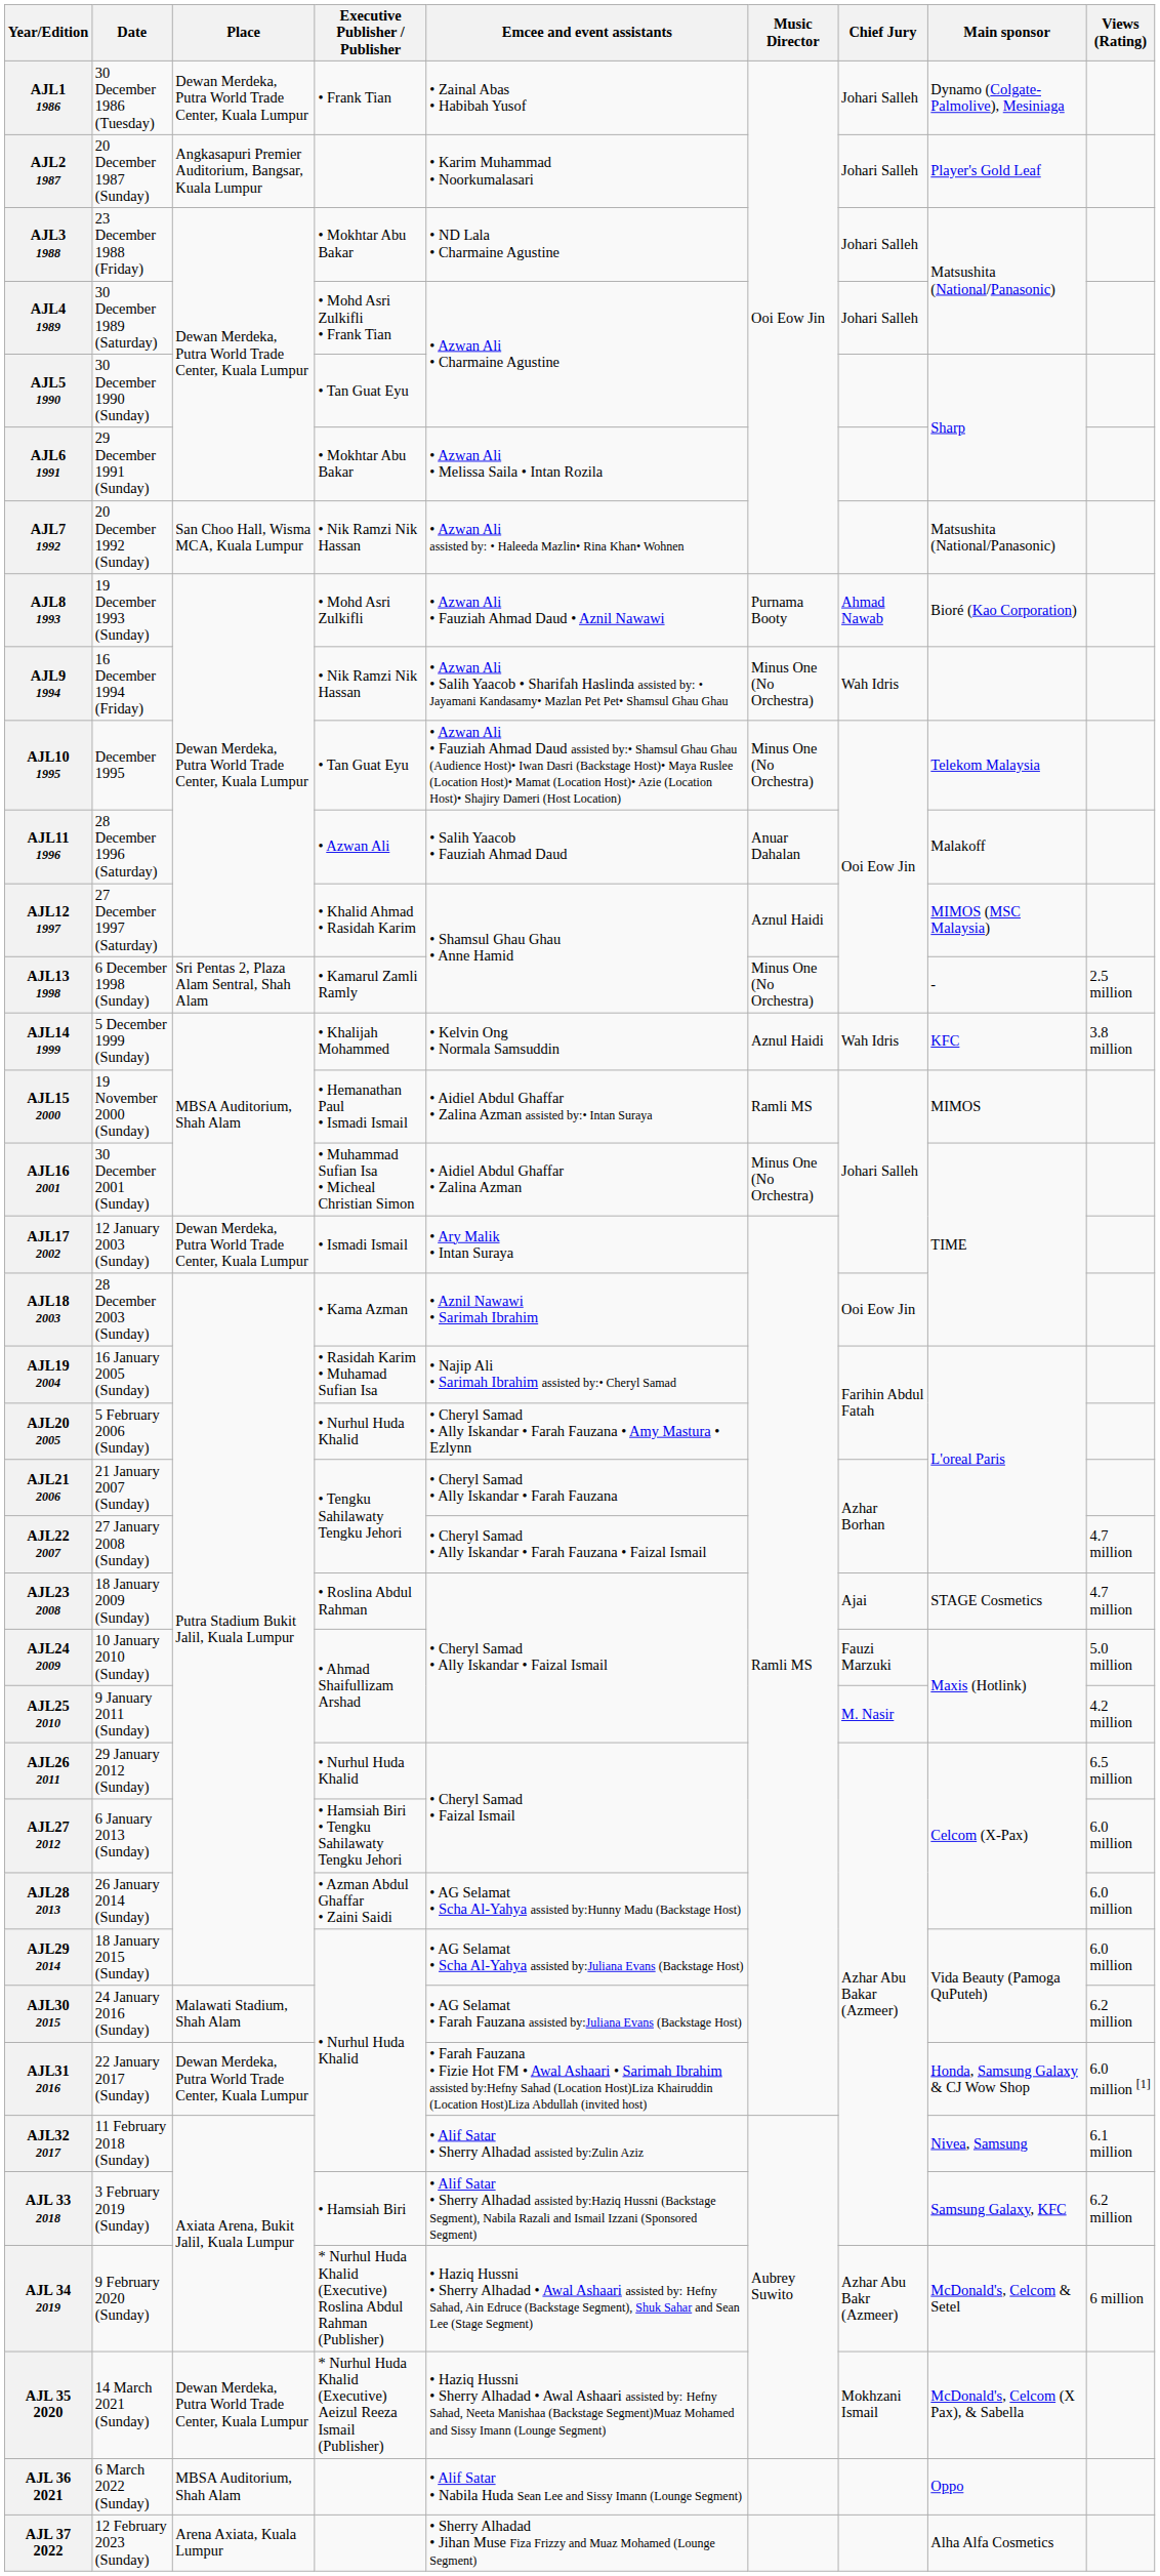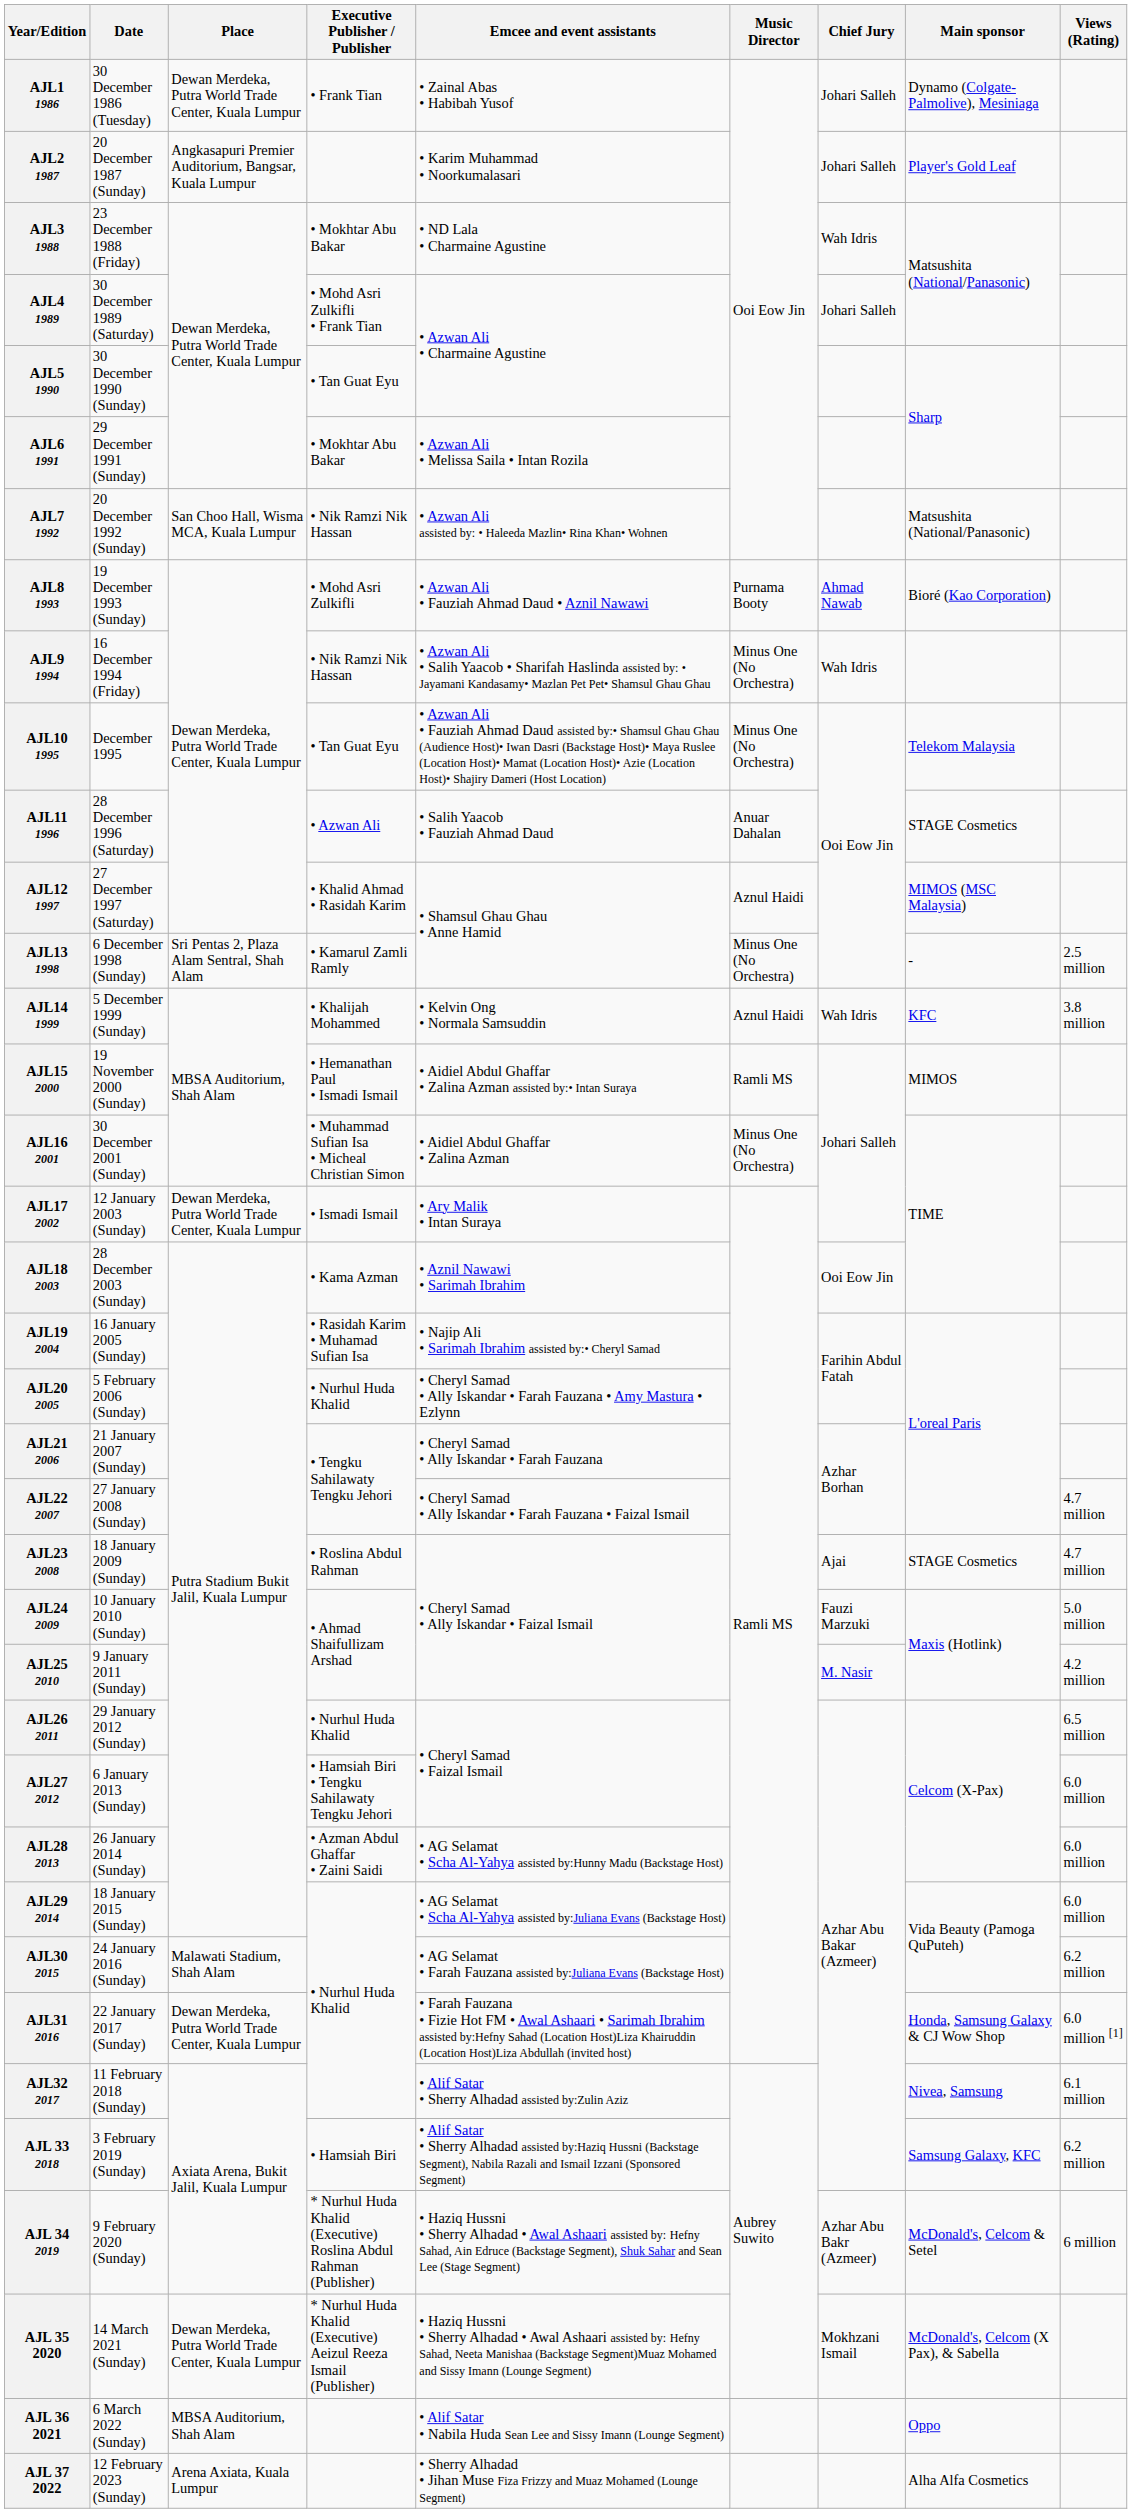 <table class="wikitable">
 <tr>
 <th>Year/Edition</th>
 <th>Date</th>
 <th>Place</th>
 <th>Executive Publisher / Publisher</th>
 <th>Emcee and event assistants</th>
 <th>Music Director</th>
 <th>Chief Jury</th>
 <th>Main sponsor</th>
 <th>Views (Rating)</th>
 </tr>
 <tr>
 <th>AJL1<br><small><em>1986</em></small></th>
 <td>30 December 1986<br>(Tuesday)</td>
 <td>Dewan Merdeka, Putra World Trade Center, Kuala Lumpur</td>
 <td>• Frank Tian</td>
 <td>• Zainal Abas<br>• Habibah Yusof</td>
 <td rowspan="7">Ooi Eow Jin</td>
 <td>Johari Salleh</td>
 <td>Dynamo (<a href='#'>Colgate-Palmolive</a>), <a href='#'>Mesiniaga</a></td>
 <td></td>
 </tr>
 <tr>
 <th>AJL2<br><small><em>1987</em></small></th>
 <td>20 December 1987<br>(Sunday)</td>
 <td>Angkasapuri Premier Auditorium, Bangsar, Kuala Lumpur</td>
 <td></td>
 <td>• Karim Muhammad<br>• Noorkumalasari</td>
 <td>Johari Salleh</td>
 <td><a href='#'>Player's Gold Leaf</a></td>
 <td></td>
 </tr>
 <tr>
 <th>AJL3<br><small><em>1988</em></small></th>
 <td>23 December 1988<br>(Friday)</td>
 <td rowspan="4">Dewan Merdeka, Putra World Trade Center, Kuala Lumpur</td>
 <td>• Mokhtar Abu Bakar</td>
 <td>• ND Lala<br>• Charmaine Agustine</td>
-<td>Johari Salleh</td>
+<td>Wah Idris</td>
 <td rowspan="2">Matsushita (<a href='#'>National</a>/<a href='#'>Panasonic</a>)</td>
 <td></td>
 </tr>
 <tr>
 <th>AJL4<br><small><em>1989</em></small></th>
 <td>30 December 1989<br>(Saturday)</td>
 <td>• Mohd Asri Zulkifli<br>• Frank Tian</td>
 <td rowspan="2">• <a href='#'>Azwan Ali</a><br>• Charmaine Agustine</td>
 <td>Johari Salleh</td>
 <td></td>
 </tr>
 <tr>
 <th>AJL5<br><small><em>1990</em></small></th>
 <td>30 December 1990<br>(Sunday)</td>
 <td>• Tan Guat Eyu</td>
 <td></td>
 <td rowspan="2"><a href='#'>Sharp</a></td>
 <td></td>
 </tr>
 <tr>
 <th>AJL6<br><small><em>1991</em></small></th>
 <td>29 December 1991<br>(Sunday)</td>
 <td>• Mokhtar Abu Bakar</td>
 <td>• <a href='#'>Azwan Ali</a><br>• Melissa Saila • Intan Rozila</td>
 <td></td>
 <td></td>
 </tr>
 <tr>
 <th>AJL7<br><small><em>1992</em></small></th>
 <td>20 December 1992<br>(Sunday)</td>
 <td>San Choo Hall, Wisma MCA, Kuala Lumpur</td>
 <td>• Nik Ramzi Nik Hassan</td>
 <td>• <a href='#'>Azwan Ali</a><br><small>assisted by:</small> <small>• Haleeda Mazlin</small><small>• Rina Khan</small><small>• Wohnen</small></td>
 <td></td>
 <td>Matsushita (National/Panasonic)</td>
 <td></td>
 </tr>
 <tr>
 <th>AJL8<br><small><em>1993</em></small></th>
 <td>19 December 1993<br>(Sunday)</td>
 <td rowspan="5">Dewan Merdeka, Putra World Trade Center, Kuala Lumpur</td>
 <td>• Mohd Asri Zulkifli</td>
 <td>• <a href='#'>Azwan Ali</a><br>• Fauziah Ahmad Daud • <a href='#'>Aznil Nawawi</a></td>
 <td>Purnama Booty</td>
 <td><a href='#'>Ahmad Nawab</a></td>
 <td>Bioré (<a href='#'>Kao Corporation</a>)</td>
 <td></td>
 </tr>
 <tr>
 <th>AJL9<br><small><em>1994</em></small></th>
 <td>16 December 1994<br>(Friday)</td>
 <td>• Nik Ramzi Nik Hassan</td>
 <td>• <a href='#'>Azwan Ali</a><br>• Salih Yaacob • Sharifah Haslinda <small>assisted by:</small> <small>• Jayamani Kandasamy</small><small>• Mazlan Pet Pet</small><small>• Shamsul Ghau Ghau</small></td>
 <td>Minus One (No Orchestra)</td>
 <td>Wah Idris</td>
 <td></td>
 <td></td>
 </tr>
 <tr>
 <th>AJL10<br><small><em>1995</em></small></th>
 <td>December 1995</td>
 <td>• Tan Guat Eyu</td>
 <td>• <a href='#'>Azwan Ali</a><br>• Fauziah Ahmad Daud <small>assisted by:</small><small>• Shamsul Ghau Ghau (Audience Host)</small><small>• Iwan Dasri (Backstage Host)</small><small>• Maya Ruslee (Location Host)</small><small>• Mamat (Location Host)</small><small>• Azie (Location Host)</small><small>• Shajiry Dameri (Host Location)</small></td>
 <td>Minus One (No Orchestra)</td>
 <td rowspan="4">Ooi Eow Jin</td>
 <td><a href='#'>Telekom Malaysia</a></td>
 <td></td>
 </tr>
 <tr>
 <th>AJL11<br><small><em>1996</em></small></th>
 <td>28 December 1996<br>(Saturday)</td>
 <td>• <a href='#'>Azwan Ali</a></td>
 <td>• Salih Yaacob<br>• Fauziah Ahmad Daud</td>
 <td>Anuar Dahalan</td>
-<td>Malakoff</td>
+<td>STAGE Cosmetics</td>
 <td></td>
 </tr>
 <tr>
 <th>AJL12<br><small><em>1997</em></small></th>
 <td>27 December 1997<br>(Saturday)</td>
 <td>• Khalid Ahmad<br>• Rasidah Karim</td>
 <td rowspan="2">• Shamsul Ghau Ghau<br>• Anne Hamid</td>
 <td>Aznul Haidi</td>
 <td><a href='#'>MIMOS</a> (<a href='#'>MSC Malaysia</a>)</td>
 <td></td>
 </tr>
 <tr>
 <th>AJL13<br><small><em>1998</em></small></th>
 <td>6 December 1998<br>(Sunday)</td>
 <td>Sri Pentas 2, Plaza Alam Sentral, Shah Alam</td>
 <td>• Kamarul Zamli Ramly</td>
 <td>Minus One (No Orchestra)</td>
 <td>-</td>
 <td>2.5 million</td>
 </tr>
 <tr>
 <th>AJL14<br><small><em>1999</em></small></th>
 <td>5 December 1999<br>(Sunday)</td>
 <td rowspan="3">MBSA Auditorium, Shah Alam</td>
 <td>• Khalijah Mohammed</td>
 <td>• Kelvin Ong<br>• Normala Samsuddin</td>
 <td>Aznul Haidi</td>
 <td>Wah Idris</td>
 <td><a href='#'>KFC</a></td>
 <td>3.8 million</td>
 </tr>
 <tr>
 <th>AJL15<br><small><em>2000</em></small></th>
 <td>19 November 2000<br>(Sunday)</td>
 <td>• Hemanathan Paul<br>• Ismadi Ismail</td>
 <td>• Aidiel Abdul Ghaffar<br>• Zalina Azman <small>assisted by:</small><small>• Intan Suraya</small></td>
 <td>Ramli MS</td>
 <td rowspan="3">Johari Salleh</td>
 <td>MIMOS</td>
 <td></td>
 </tr>
 <tr>
 <th>AJL16<br><small><em>2001</em></small></th>
 <td>30 December 2001<br>(Sunday)</td>
 <td>• Muhammad Sufian Isa<br>• Micheal Christian Simon</td>
 <td>• Aidiel Abdul Ghaffar<br>• Zalina Azman</td>
 <td>Minus One (No Orchestra)</td>
 <td rowspan="3">TIME</td>
 <td></td>
 </tr>
 <tr>
 <th>AJL17<br><small><em>2002</em></small></th>
 <td>12 January 2003<br>(Sunday)</td>
 <td>Dewan Merdeka, Putra World Trade Center, Kuala Lumpur</td>
 <td>• Ismadi Ismail</td>
 <td>• <a href='#'>Ary Malik</a><br>• Intan Suraya</td>
 <td rowspan="15">Ramli MS</td>
 <td></td>
 </tr>
 <tr>
 <th>AJL18<br><small><em>2003</em></small></th>
 <td>28 December 2003<br>(Sunday)</td>
 <td rowspan="12">Putra Stadium Bukit Jalil, Kuala Lumpur</td>
 <td>• Kama Azman</td>
 <td>• <a href='#'>Aznil Nawawi</a><br>• <a href='#'>Sarimah Ibrahim</a></td>
 <td>Ooi Eow Jin</td>
 <td></td>
 </tr>
 <tr>
 <th>AJL19<br><small><em>2004</em></small></th>
 <td>16 January 2005<br>(Sunday)</td>
 <td>• Rasidah Karim<br>• Muhamad Sufian Isa</td>
 <td>• Najip Ali<br>• <a href='#'>Sarimah Ibrahim</a> <small>assisted by:</small><small>• Cheryl Samad</small></td>
 <td rowspan="2">Farihin Abdul Fatah</td>
 <td rowspan="4"><a href='#'>L'oreal Paris</a></td>
 <td></td>
 </tr>
 <tr>
 <th>AJL20<br><small><em>2005</em></small></th>
 <td>5 February 2006<br>(Sunday)</td>
 <td>• Nurhul Huda Khalid</td>
 <td>• Cheryl Samad<br>• Ally Iskandar • Farah Fauzana • <a href='#'>Amy Mastura</a> • Ezlynn</td>
 <td></td>
 </tr>
 <tr>
 <th>AJL21<br><small><em>2006</em></small></th>
 <td>21 January 2007<br>(Sunday)</td>
 <td rowspan="2">• Tengku Sahilawaty Tengku Jehori</td>
 <td>• Cheryl Samad<br>• Ally Iskandar • Farah Fauzana</td>
 <td rowspan="2">Azhar Borhan</td>
 <td></td>
 </tr>
 <tr>
 <th>AJL22<br><small><em>2007</em></small></th>
 <td>27 January 2008<br>(Sunday)</td>
 <td>• Cheryl Samad<br>• Ally Iskandar • Farah Fauzana • Faizal Ismail</td>
 <td>4.7 million</td>
 </tr>
 <tr>
 <th>AJL23<br><small><em>2008</em></small></th>
 <td>18 January 2009<br>(Sunday)</td>
 <td>• Roslina Abdul Rahman</td>
 <td rowspan="3">• Cheryl Samad<br>• Ally Iskandar • Faizal Ismail</td>
 <td>Ajai</td>
 <td>STAGE Cosmetics</td>
 <td>4.7 million</td>
 </tr>
 <tr>
 <th>AJL24<br><small><em>2009</em></small></th>
 <td>10 January 2010<br>(Sunday)</td>
 <td rowspan="2">• Ahmad Shaifullizam Arshad</td>
 <td>Fauzi Marzuki</td>
 <td rowspan="2"><a href='#'>Maxis</a> (Hotlink)</td>
 <td>5.0 million</td>
 </tr>
 <tr>
 <th>AJL25<br><small><em>2010</em></small></th>
 <td>9 January 2011<br>(Sunday)</td>
 <td><a href='#'>M. Nasir</a></td>
 <td>4.2 million</td>
 </tr>
 <tr>
 <th>AJL26<br><small><em>2011</em></small></th>
 <td>29 January 2012<br>(Sunday)</td>
 <td>• Nurhul Huda Khalid</td>
 <td rowspan="2">• Cheryl Samad<br>• Faizal Ismail</td>
 <td rowspan="8">Azhar Abu Bakar (Azmeer)</td>
 <td rowspan="3"><a href='#'>Celcom</a> (X-Pax)</td>
 <td>6.5 million</td>
 </tr>
 <tr>
 <th>AJL27<br><small><em>2012</em></small></th>
 <td>6 January 2013<br>(Sunday)</td>
 <td>• Hamsiah Biri<br>• Tengku Sahilawaty Tengku Jehori</td>
 <td>6.0 million</td>
 </tr>
 <tr>
 <th>AJL28<br><small><em>2013</em></small></th>
 <td>26 January 2014<br>(Sunday)</td>
 <td>• Azman Abdul Ghaffar<br>• Zaini Saidi</td>
 <td>• AG Selamat<br>• <a href='#'>Scha Al-Yahya</a> <small>assisted by:</small><small>Hunny Madu (Backstage Host)</small></td>
 <td>6.0 million</td>
 </tr>
 <tr>
 <th>AJL29<br><small><em>2014</em></small></th>
 <td>18 January 2015<br>(Sunday)</td>
 <td rowspan="4">• Nurhul Huda Khalid</td>
 <td>• AG Selamat<br>• <a href='#'>Scha Al-Yahya</a> <small>assisted by:</small><small><a href='#'>Juliana Evans</a> (Backstage Host)</small></td>
 <td rowspan="2">Vida Beauty (Pamoga QuPuteh)</td>
 <td>6.0 million</td>
 </tr>
 <tr>
 <th>AJL30<br><small><em>2015</em></small></th>
 <td>24 January 2016<br>(Sunday)</td>
 <td>Malawati Stadium, Shah Alam</td>
 <td>• AG Selamat<br>• Farah Fauzana <small>assisted by:</small><small><a href='#'>Juliana Evans</a> (Backstage Host)</small></td>
 <td>6.2 million</td>
 </tr>
 <tr>
 <th>AJL31<br><small><em>2016</em></small></th>
 <td>22 January 2017<br>(Sunday)</td>
 <td>Dewan Merdeka, Putra World Trade Center, Kuala Lumpur</td>
 <td>• Farah Fauzana<br>• Fizie Hot FM • <a href='#'>Awal Ashaari</a> • <a href='#'>Sarimah Ibrahim</a> <small>assisted by:</small><small>Hefny Sahad (Location Host)</small><small>Liza Khairuddin (Location Host)</small><small>Liza Abdullah (invited host)</small></td>
 <td><a href='#'>Honda</a>, <a href='#'>Samsung Galaxy</a> & CJ Wow Shop</td>
 <td>6.0 million <sup>[1]</sup></td>
 </tr>
 <tr>
 <th>AJL32<br><small><em>2017</em></small></th>
 <td>11 February 2018<br>(Sunday)</td>
 <td rowspan="3">Axiata Arena, Bukit Jalil, Kuala Lumpur</td>
 <td rowspan="1">• <a href='#'>Alif Satar</a><br>• Sherry Alhadad <small>assisted by:</small><small>Zulin Aziz</small></td>
 <td rowspan="4">Aubrey Suwito</td>
 <td><a href='#'>Nivea</a>, <a href='#'>Samsung</a></td>
 <td>6.1 million</td>
 </tr>
 <tr>
 <th>AJL 33<br><small><em>2018</em></small></th>
 <td>3 February 2019<br>(Sunday)</td>
 <td>• Hamsiah Biri</td>
 <td rowspan="1">• <a href='#'>Alif Satar</a><br>• Sherry Alhadad <small>assisted by:</small><small>Haziq Hussni (Backstage Segment), Nabila Razali and Ismail Izzani (Sponsored Segment)</small></td>
 <td><a href='#'>Samsung Galaxy</a>, <a href='#'>KFC</a></td>
 <td>6.2 million</td>
 </tr>
 <tr>
 <th>AJL 34<br><small><em>2019</em></small></th>
 <td>9 February 2020<br>(Sunday)</td>
 <td>* Nurhul Huda Khalid (Executive)<br> Roslina Abdul Rahman (Publisher)</td>
 <td>• Haziq Hussni<br>• Sherry Alhadad • <a href='#'>Awal Ashaari</a> <small>assisted by:</small> <small>Hefny Sahad, Ain Edruce (Backstage Segment), <a href='#'>Shuk Sahar</a> and Sean Lee (Stage Segment)</small></td>
 <td>Azhar Abu Bakr (Azmeer)</td>
 <td><a href='#'>McDonald's</a>, <a href='#'>Celcom</a> & Setel</td>
 <td>6 million</td>
 </tr>
 <tr>
 <th>AJL 35<br>2020</th>
 <td>14 March 2021<br>(Sunday)</td>
 <td>Dewan Merdeka, Putra World Trade Center, Kuala Lumpur</td>
 <td>* Nurhul Huda Khalid (Executive)<br> Aeizul Reeza Ismail (Publisher)</td>
 <td>• Haziq Hussni<br>• Sherry Alhadad • Awal Ashaari <small>assisted by:</small> <small>Hefny Sahad, Neeta Manishaa (Backstage Segment)</small><small>Muaz Mohamed and Sissy Imann (Lounge Segment)</small></td>
 <td>Mokhzani Ismail</td>
 <td><a href='#'>McDonald's</a>, <a href='#'>Celcom</a> (X Pax), & Sabella</td>
 <td></td>
 </tr>
 <tr>
 <th>AJL 36<br>2021</th>
 <td>6 March 2022<br>(Sunday)</td>
 <td>MBSA Auditorium, Shah Alam</td>
 <td></td>
 <td>• <a href='#'>Alif Satar</a><br>• Nabila Huda <small>Sean Lee and Sissy Imann (Lounge Segment)</small></td>
 <td></td>
 <td></td>
 <td><a href='#'>Oppo</a></td>
 <td></td>
 </tr>
 <tr>
 <th>AJL 37<br>2022</th>
 <td>12 February 2023<br>(Sunday)</td>
 <td>Arena Axiata, Kuala Lumpur</td>
 <td></td>
 <td>• Sherry Alhadad<br>• Jihan Muse <small>Fiza Frizzy and Muaz Mohamed (Lounge Segment)</small></td>
 <td></td>
 <td></td>
 <td>Alha Alfa Cosmetics</td>
 <td></td>
 </tr>
 </table>
